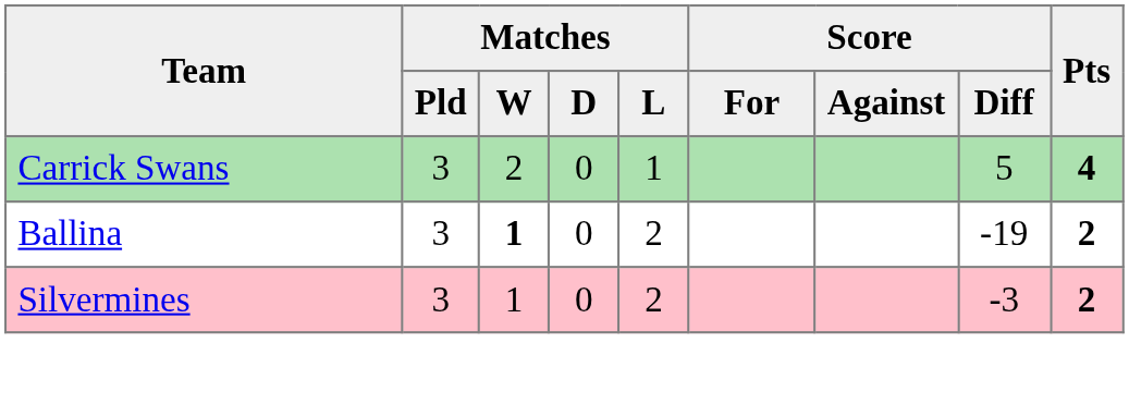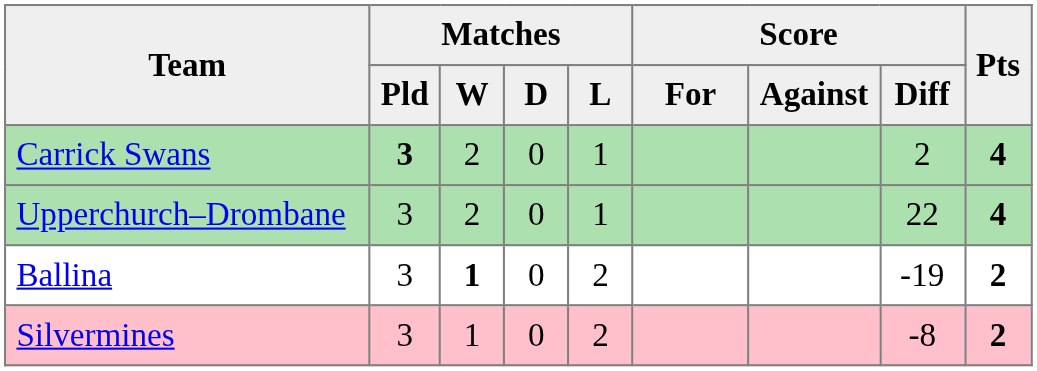 <table style=border-collapse:collapse border=1 cellspacing=0 cellpadding=5>
 <tr align=center bgcolor=#efefef>
 <th rowspan=2 width=165>Team</th>
 <th colspan=4>Matches</th>
 <th colspan=3>Score</th>
 <th rowspan=2width=20>Pts</th>
 </tr>
 <tr align=center bgcolor=#efefef>
 <th width=20>Pld</th>
 <th width=20>W</th>
 <th width=20>D</th>
 <th width=20>L</th>
 <th width=45>For</th>
 <th width=45>Against</th>
 <th width=30>Diff</th>
 </tr>
 <tr align=center style="background:#ACE1AF;">
 <td style="text-align:left;"><a href='#'>Carrick Swans</a></td>
+<td><strong>3</strong></td>
+<td>2</td>
+<td>0</td>
+<td>1</td>
+<td></td>
+<td></td>
+<td>2</td>
+<td><strong>4</strong></td>
+</tr>
+<tr align=center style="background:#ACE1AF;">
+<td style="text-align:left;"><a href='#'>Upperchurch–Drombane</a></td>
 <td>3</td>
 <td>2</td>
 <td>0</td>
 <td>1</td>
 <td></td>
 <td></td>
-<td>5</td>
+<td>22</td>
 <td><strong>4</strong></td>
 </tr>
 <tr align=center>
 <td style="text-align:left;"><a href='#'>Ballina</a></td>
 <td>3</td>
 <td><strong>1</strong></td>
 <td>0</td>
 <td>2</td>
 <td></td>
 <td></td>
 <td>-19</td>
 <td><strong>2</strong></td>
 </tr>
 <tr align=center style="background:#FFC0CB;">
 <td style="text-align:left;"><a href='#'>Silvermines</a></td>
 <td>3</td>
 <td>1</td>
 <td>0</td>
 <td>2</td>
 <td></td>
 <td></td>
-<td>-3</td>
+<td>-8</td>
 <td><strong>2</strong></td>
 </tr>
 </table>
